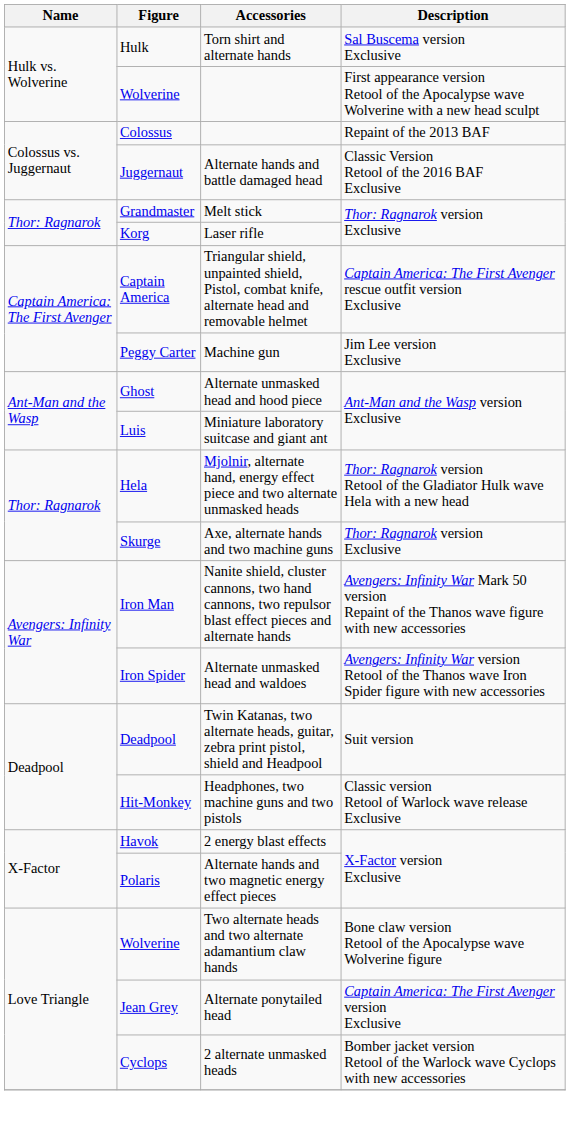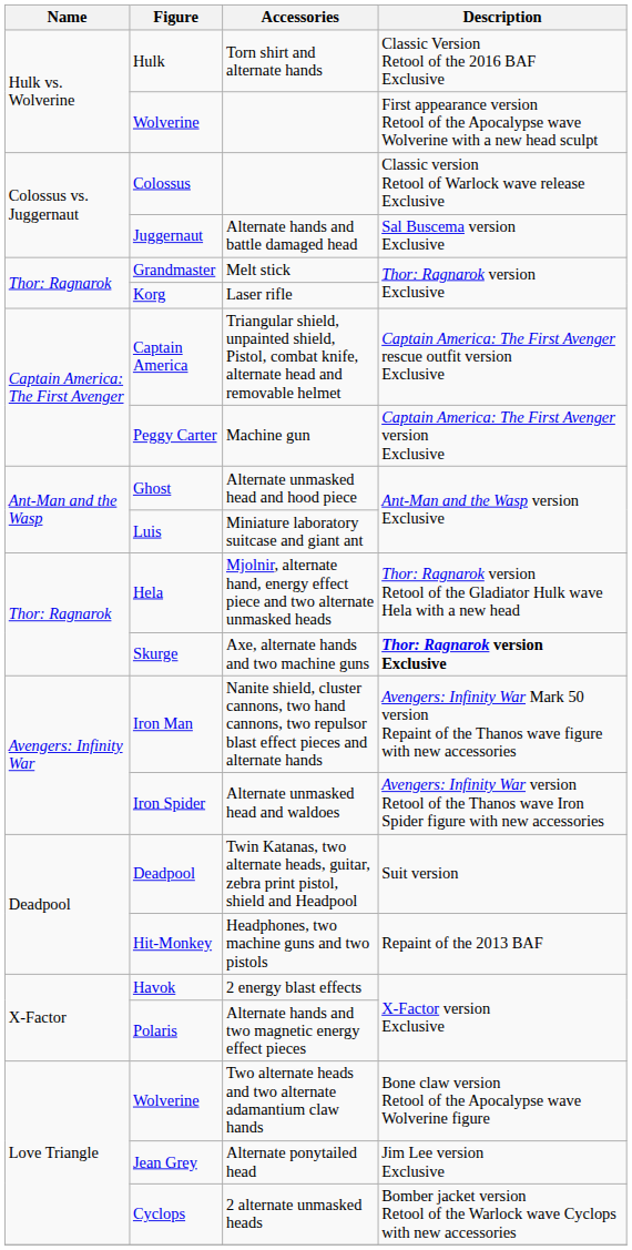 <table class="wikitable" style="width:100%;">
 <tr>
 <th width="20%">Name</th>
 <th width="15%">Figure</th>
 <th width="25%">Accessories</th>
 <th width="40%">Description</th>
 </tr>
 <tr>
 <td rowspan="2">Hulk vs. Wolverine</td>
 <td>Hulk</td>
 <td>Torn shirt and alternate hands</td>
-<td><a href='#'>Sal Buscema</a> version<br>Exclusive</td>
+<td>Classic Version<br>Retool of the 2016 BAF<br>Exclusive</td>
 </tr>
 <tr>
 <td><a href='#'>Wolverine</a></td>
 <td></td>
 <td>First appearance version<br>Retool of the Apocalypse wave Wolverine with a new head sculpt</td>
 </tr>
 <tr>
 <td rowspan="2">Colossus vs. Juggernaut</td>
 <td><a href='#'>Colossus</a></td>
 <td></td>
-<td>Repaint of the 2013 BAF</td>
+<td>Classic version<br>Retool of Warlock wave release<br>Exclusive</td>
 </tr>
 <tr>
 <td><a href='#'>Juggernaut</a></td>
 <td>Alternate hands and battle damaged head</td>
-<td>Classic Version<br>Retool of the 2016 BAF<br>Exclusive</td>
+<td><a href='#'>Sal Buscema</a> version<br>Exclusive</td>
 </tr>
 <tr>
 <td rowspan="2"><em><a href='#'>Thor: Ragnarok</a></em></td>
 <td><a href='#'>Grandmaster</a></td>
 <td>Melt stick</td>
 <td rowspan="2"><em><a href='#'>Thor: Ragnarok</a></em> version<br>Exclusive</td>
 </tr>
 <tr>
 <td><a href='#'>Korg</a></td>
 <td>Laser rifle</td>
 </tr>
 <tr>
 <td rowspan="2"><em><a href='#'>Captain America: The First Avenger</a></em></td>
 <td><a href='#'>Captain America</a></td>
 <td>Triangular shield, unpainted shield, Pistol, combat knife, alternate head and removable helmet</td>
 <td><em><a href='#'>Captain America: The First Avenger</a></em> rescue outfit version<br>Exclusive</td>
 </tr>
 <tr>
 <td><a href='#'>Peggy Carter</a></td>
 <td>Machine gun</td>
-<td>Jim Lee version<br>Exclusive</td>
+<td><em><a href='#'>Captain America: The First Avenger</a></em> version<br>Exclusive</td>
 </tr>
 <tr>
 <td rowspan="2"><em><a href='#'>Ant-Man and the Wasp</a></em></td>
 <td><a href='#'>Ghost</a></td>
 <td>Alternate unmasked head and hood piece</td>
 <td rowspan="2"><em><a href='#'>Ant-Man and the Wasp</a></em> version<br>Exclusive</td>
 </tr>
 <tr>
 <td><a href='#'>Luis</a></td>
 <td>Miniature laboratory suitcase and giant ant</td>
 </tr>
 <tr>
 <td rowspan="2"><em><a href='#'>Thor: Ragnarok</a></em></td>
 <td><a href='#'>Hela</a></td>
 <td><a href='#'>Mjolnir</a>, alternate hand, energy effect piece and two alternate unmasked heads</td>
 <td><em><a href='#'>Thor: Ragnarok</a></em> version<br>Retool of the Gladiator Hulk wave Hela with a new head</td>
 </tr>
 <tr>
 <td><a href='#'>Skurge</a></td>
 <td>Axe, alternate hands and two machine guns</td>
-<td><em><a href='#'>Thor: Ragnarok</a></em> version<br>Exclusive</td>
+<td><strong><em><a href='#'>Thor: Ragnarok</a></em> version<br>Exclusive</strong></td>
 </tr>
 <tr>
 <td rowspan="2"><em><a href='#'>Avengers: Infinity War</a></em></td>
 <td><a href='#'>Iron Man</a></td>
 <td>Nanite shield, cluster cannons, two hand cannons, two repulsor blast effect pieces and alternate hands</td>
 <td><em><a href='#'>Avengers: Infinity War</a></em> Mark 50 version<br>Repaint of the Thanos wave figure with new accessories</td>
 </tr>
 <tr>
 <td><a href='#'>Iron Spider</a></td>
 <td>Alternate unmasked head and waldoes</td>
 <td><em><a href='#'>Avengers: Infinity War</a></em> version<br>Retool of the Thanos wave Iron Spider figure with new accessories</td>
 </tr>
 <tr>
 <td rowspan="2">Deadpool</td>
 <td><a href='#'>Deadpool</a></td>
 <td>Twin Katanas, two alternate heads, guitar, zebra print pistol, shield and Headpool</td>
 <td>Suit version</td>
 </tr>
 <tr>
 <td><a href='#'>Hit-Monkey</a></td>
 <td>Headphones, two machine guns and two pistols</td>
-<td>Classic version<br>Retool of Warlock wave release<br>Exclusive</td>
+<td>Repaint of the 2013 BAF</td>
 </tr>
 <tr>
 <td rowspan="2">X-Factor</td>
 <td><a href='#'>Havok</a></td>
 <td>2 energy blast effects</td>
 <td rowspan="2"><a href='#'>X-Factor</a> version<br>Exclusive</td>
 </tr>
 <tr>
 <td><a href='#'>Polaris</a></td>
 <td>Alternate hands and two magnetic energy effect pieces</td>
 </tr>
 <tr>
 <td rowspan="3">Love Triangle</td>
 <td><a href='#'>Wolverine</a></td>
 <td>Two alternate heads and two alternate adamantium claw hands</td>
 <td>Bone claw version<br>Retool of the Apocalypse wave Wolverine figure</td>
 </tr>
 <tr>
 <td><a href='#'>Jean Grey</a></td>
 <td>Alternate ponytailed head</td>
-<td><em><a href='#'>Captain America: The First Avenger</a></em> version<br>Exclusive</td>
+<td>Jim Lee version<br>Exclusive</td>
 </tr>
 <tr>
 <td><a href='#'>Cyclops</a></td>
 <td>2 alternate unmasked heads</td>
 <td>Bomber jacket version<br>Retool of the Warlock wave Cyclops with new accessories</td>
 </tr>
 <tr>
 </tr>
 </table>
